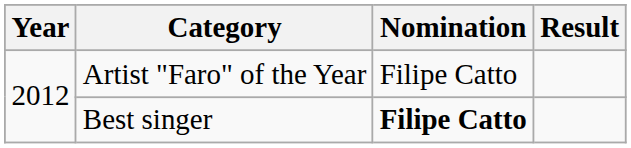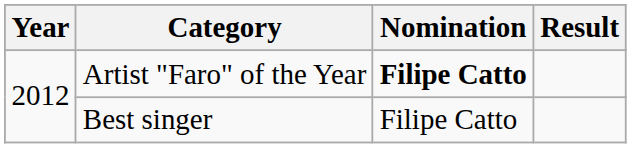 <table class="wikitable">
 <tr>
 <th>Year</th>
 <th>Category</th>
 <th>Nomination</th>
 <th>Result</th>
 </tr>
 <tr>
 <td rowspan="2">2012</td>
 <td>Artist "Faro" of the Year</td>
-<td>Filipe Catto</td>
+<td><strong>Filipe Catto</strong></td>
 <td></td>
 </tr>
 <tr>
 <td>Best singer</td>
-<td><strong>Filipe Catto</strong></td>
+<td>Filipe Catto</td>
 <td></td>
 </tr>
 </table>
